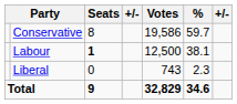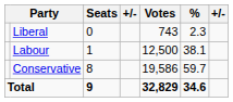 <table class="wikitable sortable">
 <tr>
 <th colspan="2">Party</th>
 <th>Seats</th>
 <th>+/-</th>
 <th>Votes</th>
 <th>%</th>
 <th>+/-</th>
 </tr>
 <tr>
 <td style="background-color: "></td>
-<td><a href='#'>Conservative</a></td>
-<td>8</td>
+<td><a href='#'>Liberal</a></td>
+<td>0</td>
 <td></td>
-<td style="text-align:right;">19,586</td>
-<td style="text-align:right;">59.7</td>
+<td style="text-align:right;">743</td>
+<td style="text-align:right;">2.3</td>
 <td style="text-align:right;"></td>
 </tr>
 <tr>
 <td style="background-color: "></td>
 <td><a href='#'>Labour</a></td>
-<td><strong>1</strong></td>
+<td>1</td>
 <td></td>
 <td style="text-align:right;">12,500</td>
 <td style="text-align:right;">38.1</td>
 <td style="text-align:right;"></td>
 </tr>
 <tr>
 <td style="background-color: "></td>
-<td><a href='#'>Liberal</a></td>
-<td>0</td>
+<td><a href='#'>Conservative</a></td>
+<td>8</td>
 <td></td>
-<td style="text-align:right;">743</td>
-<td style="text-align:right;">2.3</td>
+<td style="text-align:right;">19,586</td>
+<td style="text-align:right;">59.7</td>
 <td style="text-align:right;"></td>
 </tr>
 <tr>
 <td colspan="2"><strong>Total</strong></td>
 <td><strong>9</strong></td>
 <td></td>
 <td style="text-align:right;"><strong>32,829</strong></td>
 <td style="text-align:right;"><strong>34.6</strong></td>
 <td></td>
 </tr>
 </table>
